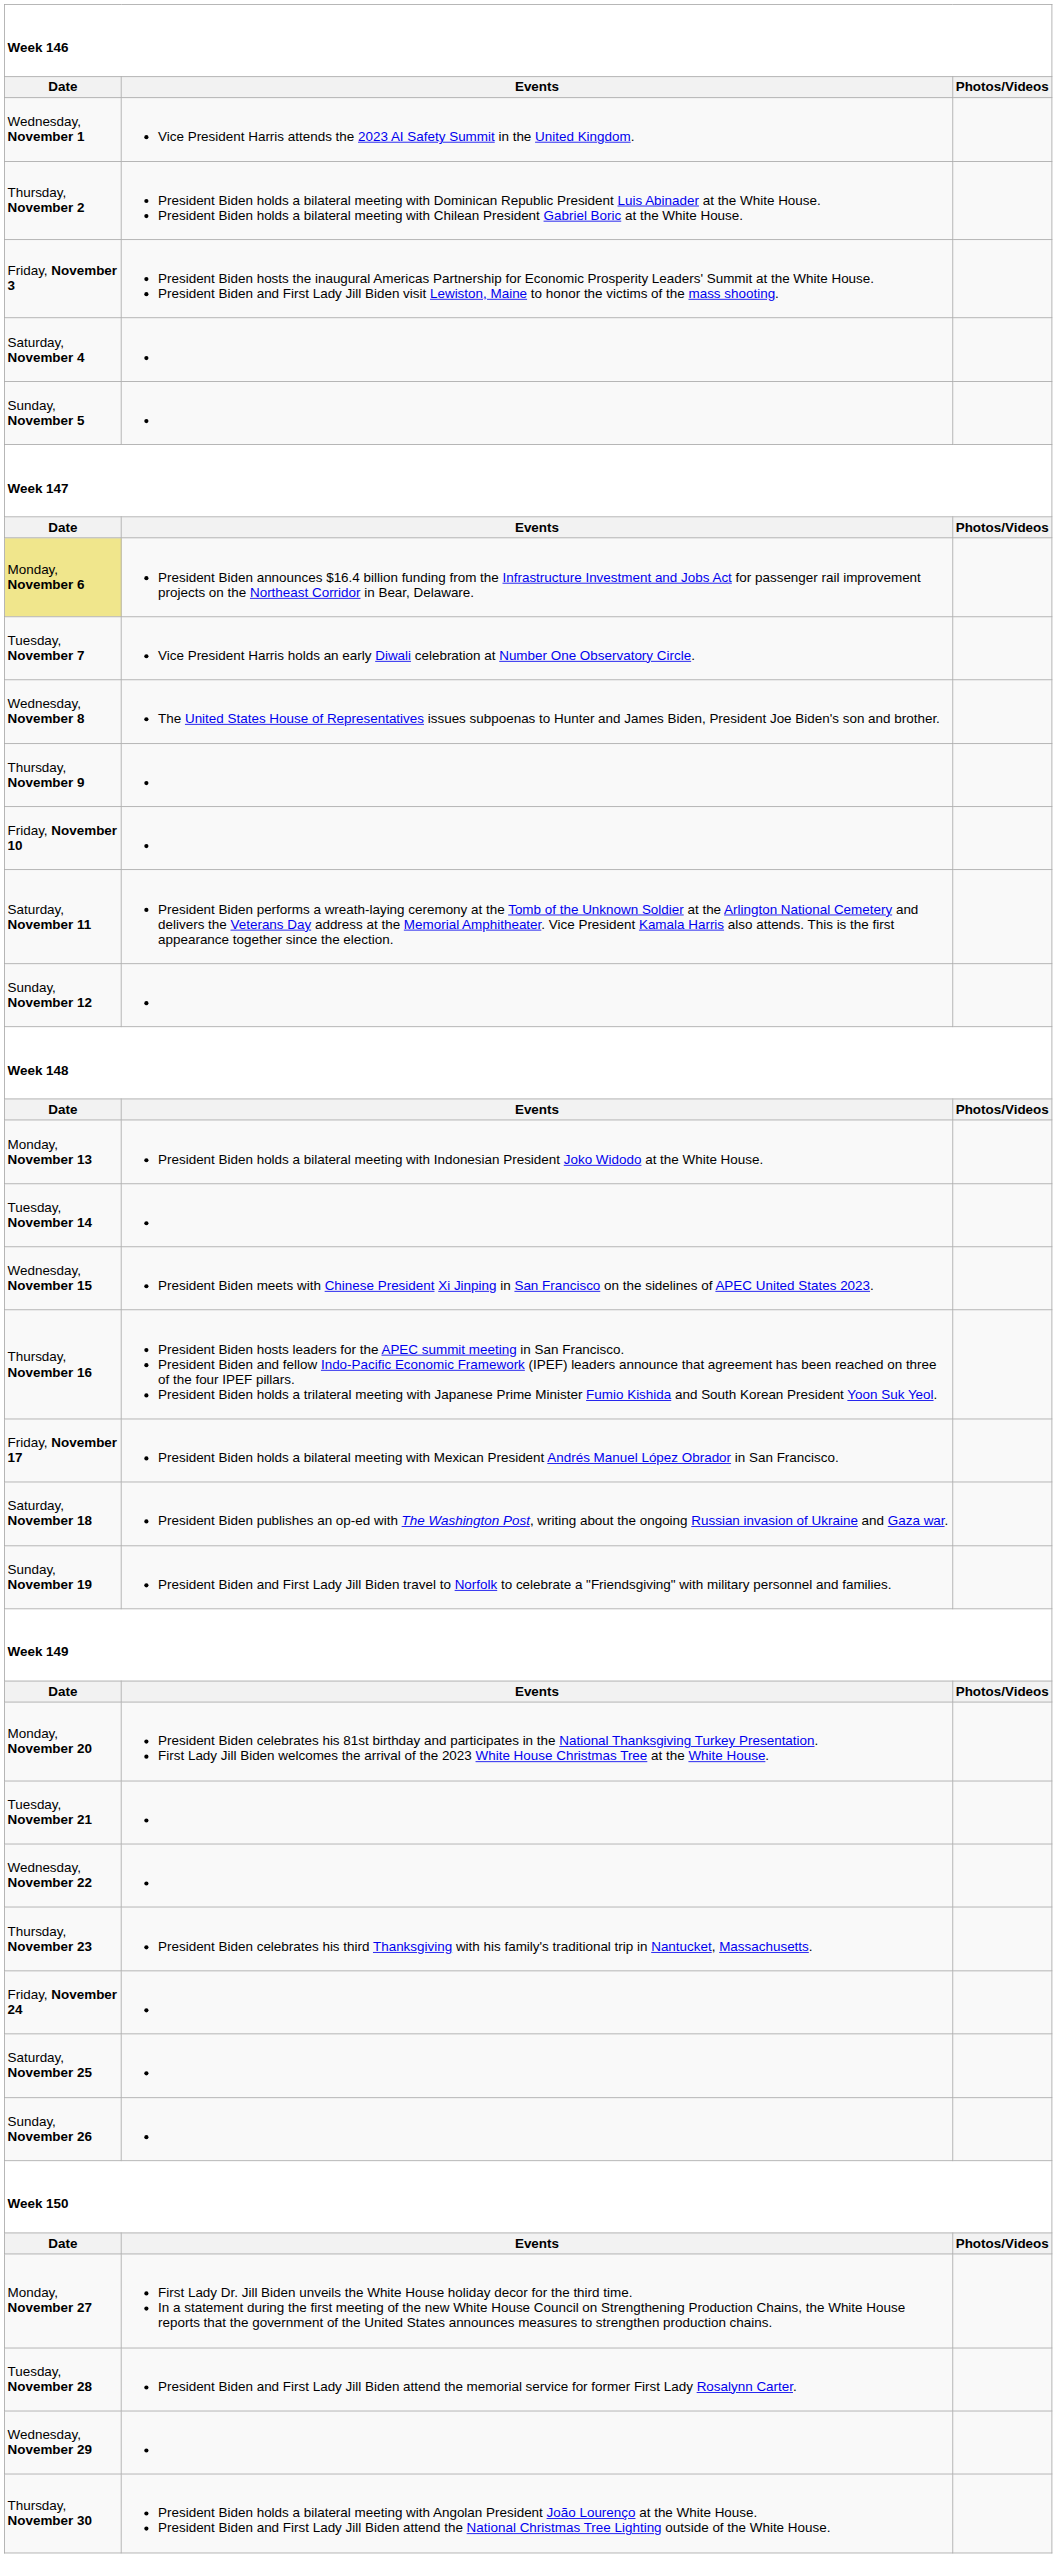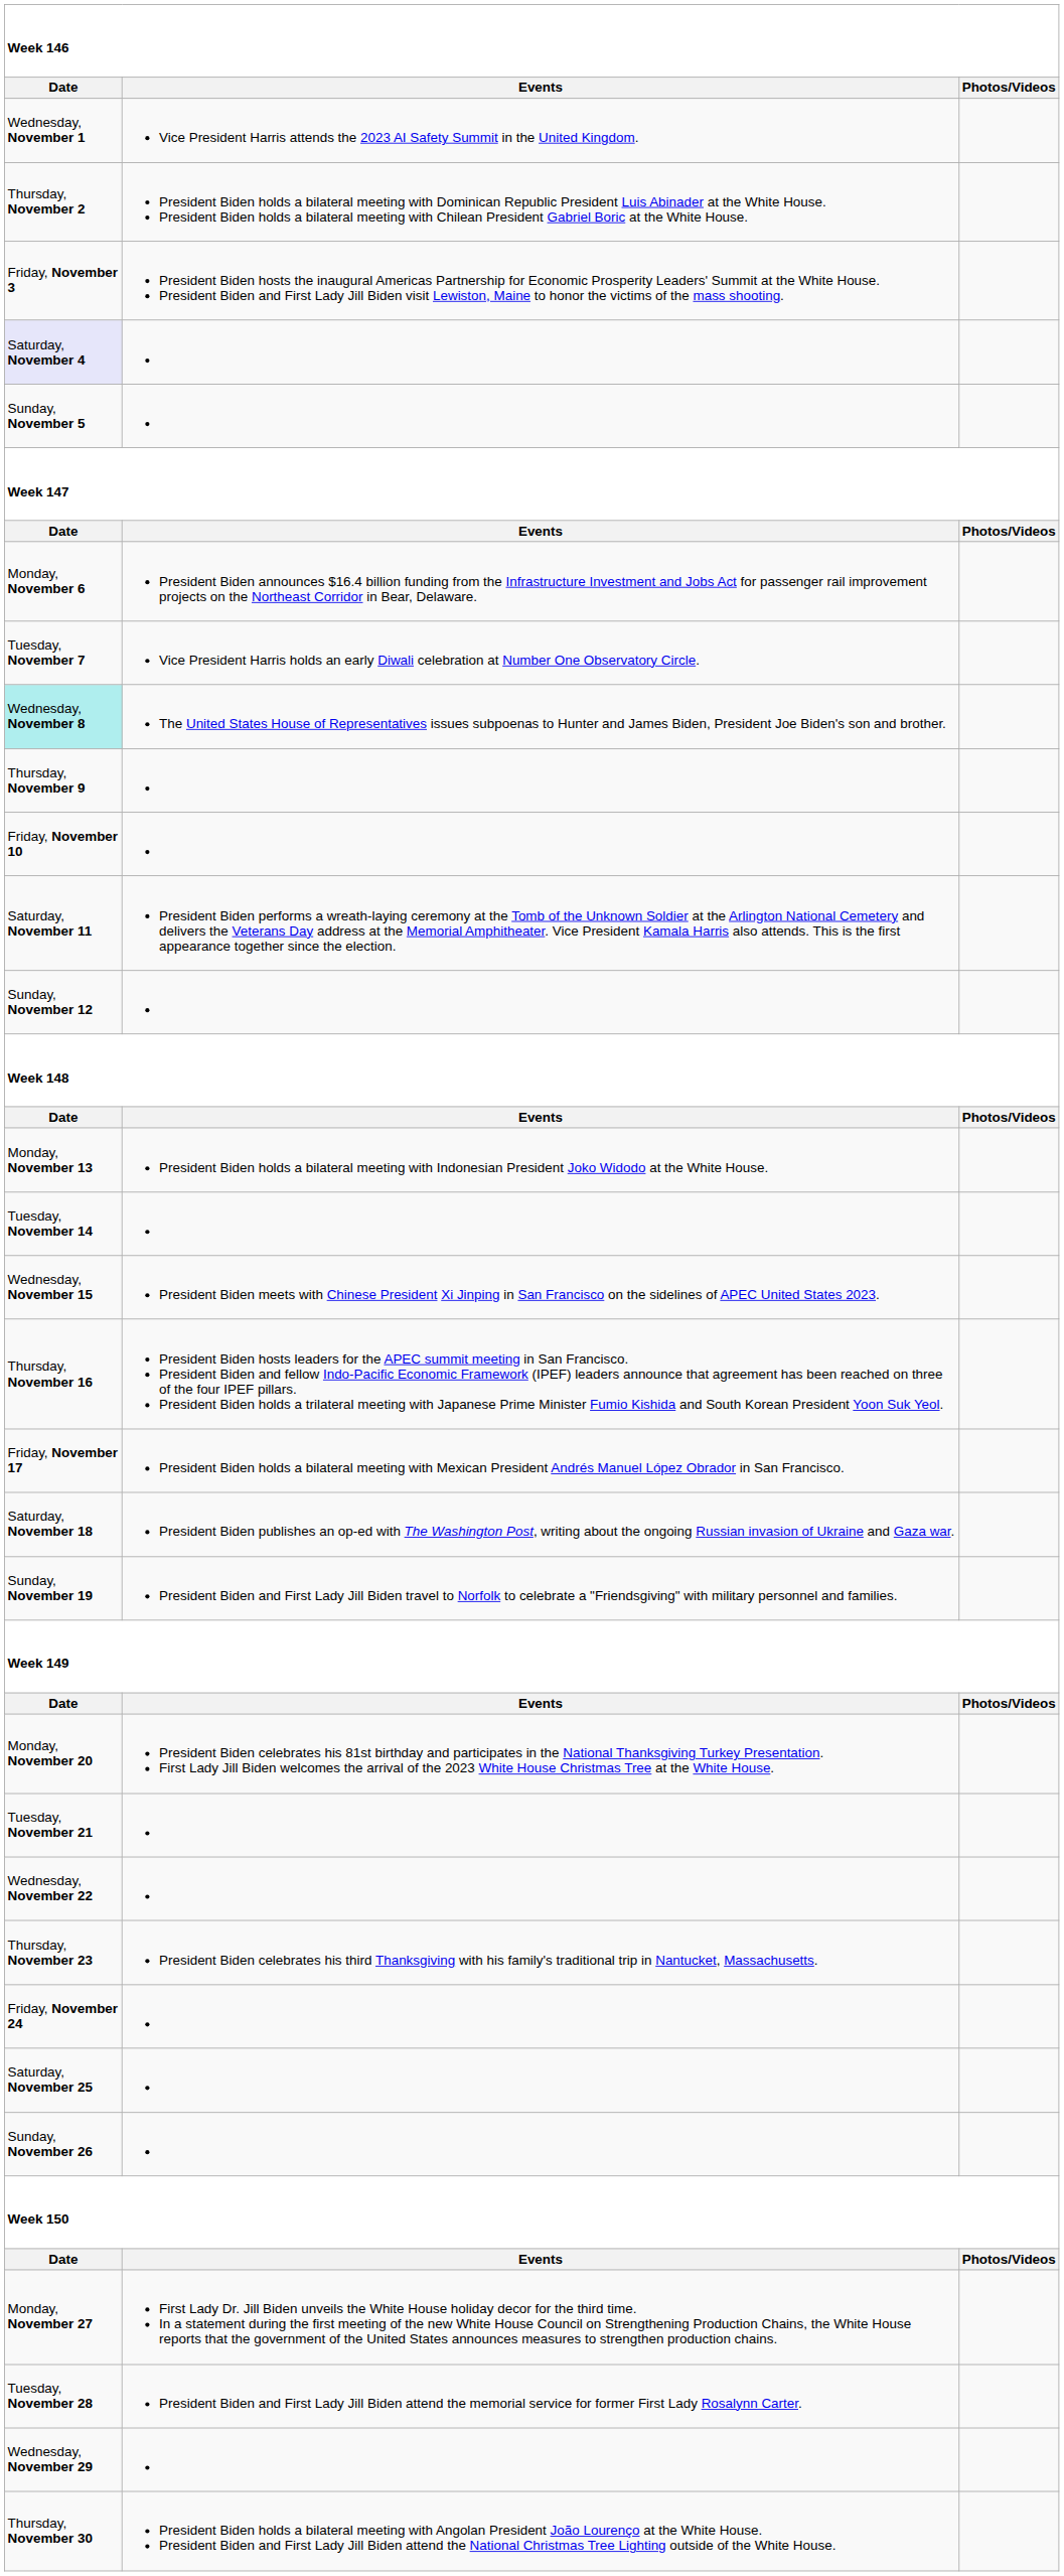 <table class="wikitable">
 <tr style="background:white;">
 <td colspan="3"><br><h4>Week 146</h4></td>
 </tr>
 <tr>
 <th>Date</th>
 <th>Events</th>
 <th>Photos/Videos</th>
 </tr>
 <tr>
 <td>Wednesday, <strong>November 1</strong></td>
 <td><br><ul><li>Vice President Harris attends the <a href='#'>2023 AI Safety Summit</a> in the <a href='#'>United Kingdom</a>.</li></ul></td>
 <td></td>
 </tr>
 <tr>
 <td>Thursday, <strong>November 2</strong></td>
 <td><br><ul><li>President Biden holds a bilateral meeting with Dominican Republic President <a href='#'>Luis Abinader</a> at the White House.</li><li>President Biden holds a bilateral meeting with Chilean President <a href='#'>Gabriel Boric</a> at the White House.</li></ul></td>
 <td><br></td>
 </tr>
 <tr>
 <td>Friday, <strong>November 3</strong></td>
 <td><br><ul><li>President Biden hosts the inaugural Americas Partnership for Economic Prosperity Leaders' Summit at the White House.</li><li>President Biden and First Lady Jill Biden visit <a href='#'>Lewiston, Maine</a> to honor the victims of the <a href='#'>mass shooting</a>.</li></ul></td>
 <td><br></td>
 </tr>
 <tr>
-<td>Saturday, <strong>November 4</strong></td>
+<td style="background: lavender;">Saturday, <strong>November 4</strong></td>
 <td><br><ul><li></li></ul></td>
 <td></td>
 </tr>
 <tr>
 <td>Sunday, <strong>November 5</strong></td>
 <td><br><ul><li></li></ul></td>
 <td></td>
 </tr>
 <tr style="background:white;">
 <td colspan="3"><br><h4>Week 147</h4></td>
 </tr>
 <tr>
 <th>Date</th>
 <th>Events</th>
 <th>Photos/Videos</th>
 </tr>
 <tr>
-<td style="background: khaki;">Monday, <strong>November 6</strong></td>
+<td>Monday, <strong>November 6</strong></td>
 <td><br><ul><li>President Biden announces $16.4 billion funding from the <a href='#'>Infrastructure Investment and Jobs Act</a> for passenger rail improvement projects on the <a href='#'>Northeast Corridor</a> in Bear, Delaware.</li></ul></td>
 <td></td>
 </tr>
 <tr>
 <td>Tuesday, <strong>November 7</strong></td>
 <td><br><ul><li>Vice President Harris holds an early <a href='#'>Diwali</a> celebration at <a href='#'>Number One Observatory Circle</a>.</li></ul></td>
 <td></td>
 </tr>
 <tr>
-<td>Wednesday, <strong>November 8</strong></td>
+<td style="background: paleturquoise;">Wednesday, <strong>November 8</strong></td>
 <td><br><ul><li>The <a href='#'>United States House of Representatives</a> issues subpoenas to Hunter and James Biden, President Joe Biden's son and brother.</li></ul></td>
 <td></td>
 </tr>
 <tr>
 <td>Thursday, <strong>November 9</strong></td>
 <td><br><ul><li></li></ul></td>
 <td></td>
 </tr>
 <tr>
 <td>Friday, <strong>November 10</strong></td>
 <td><br><ul><li></li></ul></td>
 <td></td>
 </tr>
 <tr>
 <td>Saturday, <strong>November 11</strong></td>
 <td><br><ul><li>President Biden performs a wreath-laying ceremony at the <a href='#'>Tomb of the Unknown Soldier</a> at the <a href='#'>Arlington National Cemetery</a> and delivers the <a href='#'>Veterans Day</a> address at the <a href='#'>Memorial Amphitheater</a>. Vice President <a href='#'>Kamala Harris</a> also attends. This is the first appearance together since the election.</li></ul></td>
 <td></td>
 </tr>
 <tr>
 <td>Sunday, <strong>November 12</strong></td>
 <td><br><ul><li></li></ul></td>
 <td></td>
 </tr>
 <tr style="background:white;">
 <td colspan="3"><br><h4>Week 148</h4></td>
 </tr>
 <tr>
 <th>Date</th>
 <th>Events</th>
 <th>Photos/Videos</th>
 </tr>
 <tr>
 <td>Monday, <strong>November 13</strong></td>
 <td><br><ul><li>President Biden holds a bilateral meeting with Indonesian President <a href='#'>Joko Widodo</a> at the White House.</li></ul></td>
 <td></td>
 </tr>
 <tr>
 <td>Tuesday, <strong>November 14</strong></td>
 <td><br><ul><li></li></ul></td>
 <td></td>
 </tr>
 <tr>
 <td>Wednesday, <strong>November 15</strong></td>
 <td><br><ul><li>President Biden meets with <a href='#'>Chinese President</a> <a href='#'>Xi Jinping</a> in <a href='#'>San Francisco</a> on the sidelines of <a href='#'>APEC United States 2023</a>.</li></ul></td>
 <td></td>
 </tr>
 <tr>
 <td>Thursday, <strong>November 16</strong></td>
 <td><br><ul><li>President Biden hosts leaders for the <a href='#'>APEC summit meeting</a> in San Francisco.</li><li>President Biden and fellow <a href='#'>Indo-Pacific Economic Framework</a> (IPEF) leaders announce that agreement has been reached on three of the four IPEF pillars.</li><li>President Biden holds a trilateral meeting with Japanese Prime Minister <a href='#'>Fumio Kishida</a> and South Korean President <a href='#'>Yoon Suk Yeol</a>.</li></ul></td>
 <td><br> </td>
 </tr>
 <tr>
 <td>Friday, <strong>November 17</strong></td>
 <td><br><ul><li>President Biden holds a bilateral meeting with Mexican President <a href='#'>Andrés Manuel López Obrador</a> in San Francisco.</li></ul></td>
 <td></td>
 </tr>
 <tr>
 <td>Saturday, <strong>November 18</strong></td>
 <td><br><ul><li>President Biden publishes an op-ed with <em><a href='#'>The Washington Post</a></em>, writing about the ongoing <a href='#'>Russian invasion of Ukraine</a> and <a href='#'>Gaza war</a>.</li></ul></td>
 <td></td>
 </tr>
 <tr>
 <td>Sunday, <strong>November 19</strong></td>
 <td><br><ul><li>President Biden and First Lady Jill Biden travel to <a href='#'>Norfolk</a> to celebrate a "Friendsgiving" with military personnel and families.</li></ul></td>
 <td></td>
 </tr>
 <tr style="background:white;">
 <td colspan="3"><br><h4>Week 149</h4></td>
 </tr>
 <tr>
 <th>Date</th>
 <th>Events</th>
 <th>Photos/Videos</th>
 </tr>
 <tr>
 <td>Monday, <strong>November 20</strong></td>
 <td><br><ul><li>President Biden celebrates his 81st birthday and participates in the <a href='#'>National Thanksgiving Turkey Presentation</a>.</li><li>First Lady Jill Biden welcomes the arrival of the 2023 <a href='#'>White House Christmas Tree</a> at the <a href='#'>White House</a>.</li></ul></td>
 <td><br></td>
 </tr>
 <tr>
 <td>Tuesday, <strong>November 21</strong></td>
 <td><br><ul><li></li></ul></td>
 <td></td>
 </tr>
 <tr>
 <td>Wednesday, <strong>November 22</strong></td>
 <td><br><ul><li></li></ul></td>
 <td></td>
 </tr>
 <tr>
 <td>Thursday, <strong>November 23</strong></td>
 <td><br><ul><li>President Biden celebrates his third <a href='#'>Thanksgiving</a> with his family's traditional trip in <a href='#'>Nantucket</a>, <a href='#'>Massachusetts</a>.</li></ul></td>
 <td></td>
 </tr>
 <tr>
 <td>Friday, <strong>November 24</strong></td>
 <td><br><ul><li></li></ul></td>
 <td></td>
 </tr>
 <tr>
 <td>Saturday, <strong>November 25</strong></td>
 <td><br><ul><li></li></ul></td>
 <td></td>
 </tr>
 <tr>
 <td>Sunday, <strong>November 26</strong></td>
 <td><br><ul><li></li></ul></td>
 <td></td>
 </tr>
 <tr style="background:white;">
 <td colspan="3"><br><h4>Week 150</h4></td>
 </tr>
 <tr>
 <th>Date</th>
 <th>Events</th>
 <th>Photos/Videos</th>
 </tr>
 <tr>
 <td>Monday, <strong>November 27</strong></td>
 <td><br><ul><li>First Lady Dr. Jill Biden unveils the White House holiday decor for the third time.</li><li>In a statement during the first meeting of the new White House Council on Strengthening Production Chains, the White House reports that the government of the United States announces measures to strengthen production chains.</li></ul></td>
 <td></td>
 </tr>
 <tr>
 <td>Tuesday, <strong>November 28</strong></td>
 <td><br><ul><li>President Biden and First Lady Jill Biden attend the memorial service for former First Lady <a href='#'>Rosalynn Carter</a>.</li></ul></td>
 <td></td>
 </tr>
 <tr>
 <td>Wednesday, <strong>November 29</strong></td>
 <td><br><ul><li></li></ul></td>
 <td></td>
 </tr>
 <tr>
 <td>Thursday, <strong>November 30</strong></td>
 <td><br><ul><li>President Biden holds a bilateral meeting with Angolan President <a href='#'>João Lourenço</a> at the White House.</li><li>President Biden and First Lady Jill Biden attend the <a href='#'>National Christmas Tree Lighting</a> outside of the White House.</li></ul></td>
 <td><br></td>
 </tr>
 </table>
